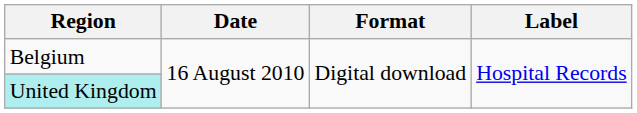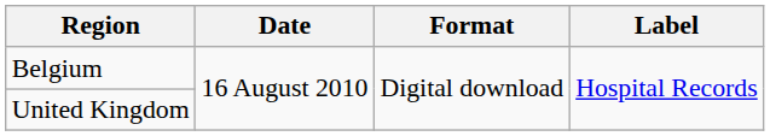 <table class=wikitable>
 <tr>
 <th>Region</th>
 <th>Date</th>
 <th>Format</th>
 <th>Label</th>
 </tr>
 <tr>
 <td>Belgium</td>
 <td rowspan="2">16 August 2010</td>
 <td rowspan="2">Digital download</td>
 <td rowspan="2"><a href='#'>Hospital Records</a></td>
 </tr>
 <tr>
-<td style="background: paleturquoise;">United Kingdom</td>
+<td>United Kingdom</td>
 </tr>
 </table>
